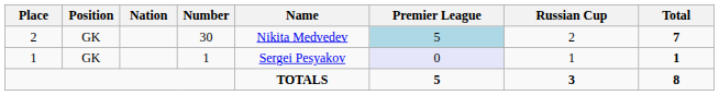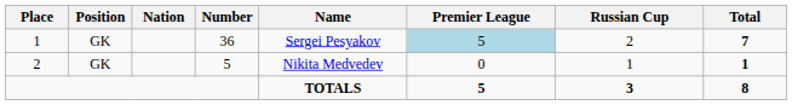 <table class="wikitable" style="font-size: 95%; text-align: center;">
 <tr>
 <th width=60>Place</th>
 <th width=60>Position</th>
 <th width=60>Nation</th>
 <th width=60>Number</th>
 <th width=150>Name</th>
 <th width=150>Premier League</th>
 <th width=150>Russian Cup</th>
 <th width=80><strong>Total</strong></th>
 </tr>
 <tr>
-<td>2</td>
+<td>1</td>
 <td>GK</td>
 <td></td>
-<td>30</td>
-<td><a href='#'>Nikita Medvedev</a></td>
+<td>36</td>
+<td><a href='#'>Sergei Pesyakov</a></td>
 <td style="background: lightblue;">5</td>
 <td>2</td>
 <td><strong>7</strong></td>
 </tr>
 <tr>
-<td>1</td>
+<td>2</td>
 <td>GK</td>
 <td></td>
-<td>1</td>
-<td><a href='#'>Sergei Pesyakov</a></td>
-<td style="background: lavender;">0</td>
+<td>5</td>
+<td><a href='#'>Nikita Medvedev</a></td>
+<td>0</td>
 <td>1</td>
 <td><strong>1</strong></td>
 </tr>
 <tr>
 <td colspan="4"></td>
 <td><strong>TOTALS</strong></td>
 <td><strong>5</strong></td>
 <td><strong>3</strong></td>
 <td><strong>8</strong></td>
 </tr>
 </table>
